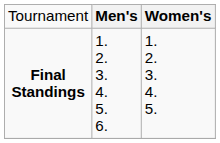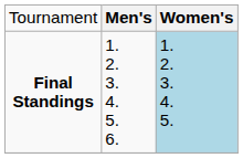 <table class=wikitable>
 <tr>
 <td align=center>Tournament</td>
 <th>Men's</th>
 <th>Women's</th>
 </tr>
 <tr>
 <td align=center><strong>Final <br> Standings</strong></td>
 <td valign=top>1.  <br> 2. <br> 3.  <br> 4.  <br> 5. <br>6. </td>
-<td valign=top>1.  <br> 2.  <br> 3.  <br> 4. <br>5. <br></td>
+<td valign=top style="background: lightblue;">1.  <br> 2.  <br> 3.  <br> 4. <br>5. <br></td>
 </tr>
 <tr>
 </tr>
 </table>
